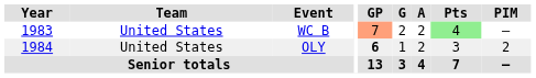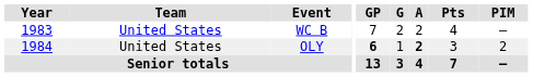 <table border="0" cellpadding="1" cellspacing="0" ID="Table3" style="text-align:center; width:40em">
 <tr bgcolor="#e0e0e0">
 <th>Year</th>
 <th>Team</th>
 <th>Event</th>
 <th rowspan="102" bgcolor="#ffffff"></th>
 <th>GP</th>
 <th>G</th>
 <th>A</th>
 <th>Pts</th>
 <th>PIM</th>
 </tr>
 <tr>
 <td><a href='#'>1983</a></td>
 <td><a href='#'>United States</a></td>
 <td><a href='#'>WC B</a></td>
-<td style="background: lightsalmon;">7</td>
+<td>7</td>
 <td>2</td>
 <td>2</td>
-<td style="background: lightgreen;">4</td>
+<td>4</td>
 <td>—</td>
 </tr>
 <tr bgcolor="#f0f0f0">
 <td><a href='#'>1984</a></td>
 <td>United States</td>
 <td><a href='#'>OLY</a></td>
 <td><strong>6</strong></td>
 <td>1</td>
-<td>2</td>
+<td><strong>2</strong></td>
 <td>3</td>
 <td>2</td>
 </tr>
 <tr bgcolor="#e0e0e0">
 <th colspan="3">Senior totals</th>
 <th>13</th>
 <th>3</th>
 <th>4</th>
 <th>7</th>
 <th>—</th>
 </tr>
 </table>
